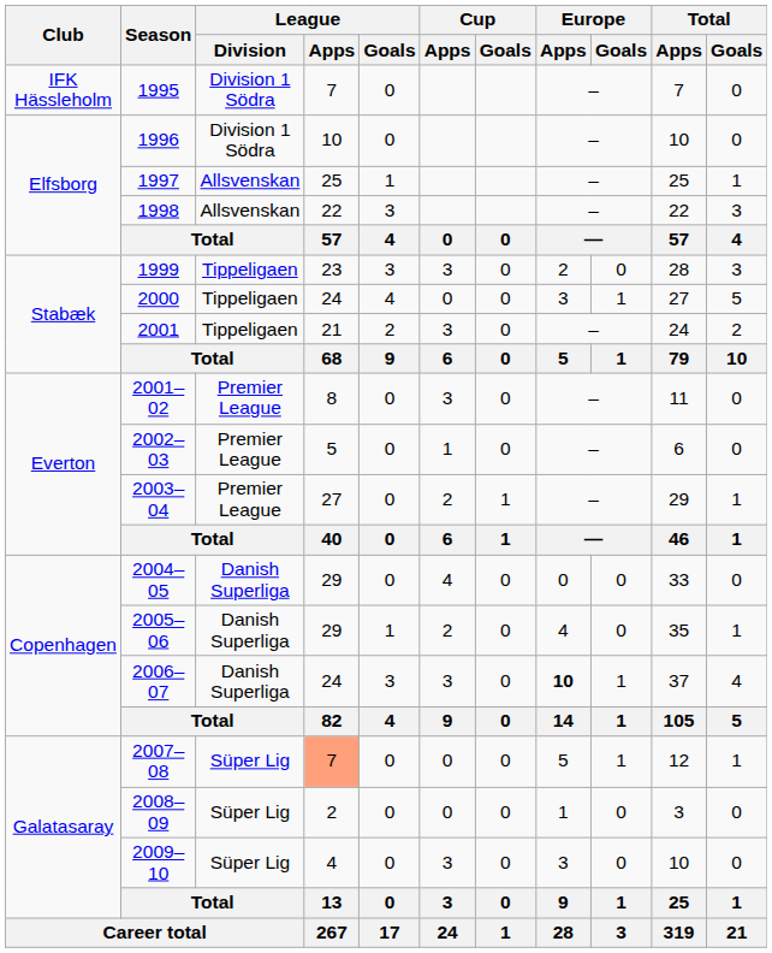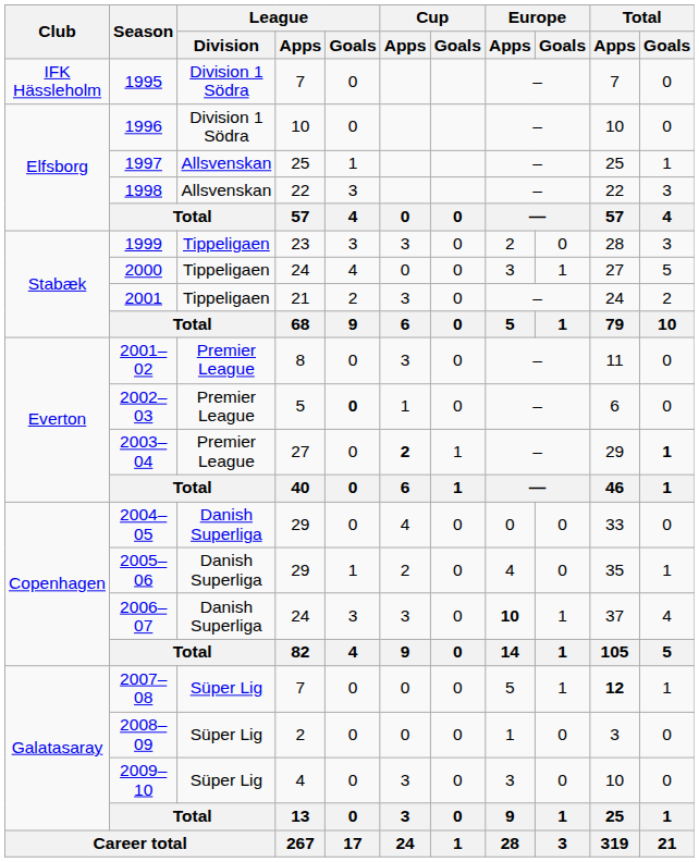 <table class="wikitable" style="text-align:center">
 <tr>
 <th rowspan="2">Club</th>
 <th rowspan="2">Season</th>
 <th colspan="3">League</th>
 <th colspan="2">Cup</th>
 <th colspan="2">Europe</th>
 <th colspan="2">Total</th>
 </tr>
 <tr>
 <th>Division</th>
 <th>Apps</th>
 <th>Goals</th>
 <th>Apps</th>
 <th>Goals</th>
 <th>Apps</th>
 <th>Goals</th>
 <th>Apps</th>
 <th>Goals</th>
 </tr>
 <tr>
 <td><a href='#'>IFK Hässleholm</a></td>
 <td><a href='#'>1995</a></td>
 <td><a href='#'>Division 1 Södra</a></td>
 <td>7</td>
 <td>0</td>
 <td></td>
 <td></td>
 <td colspan="2">–</td>
 <td>7</td>
 <td>0</td>
 </tr>
 <tr>
 <td rowspan="4"><a href='#'>Elfsborg</a></td>
 <td><a href='#'>1996</a></td>
 <td>Division 1 Södra</td>
 <td>10</td>
 <td>0</td>
 <td></td>
 <td></td>
 <td colspan="2">–</td>
 <td>10</td>
 <td>0</td>
 </tr>
 <tr>
 <td><a href='#'>1997</a></td>
 <td><a href='#'>Allsvenskan</a></td>
 <td>25</td>
 <td>1</td>
 <td></td>
 <td></td>
 <td colspan="2">–</td>
 <td>25</td>
 <td>1</td>
 </tr>
 <tr>
 <td><a href='#'>1998</a></td>
 <td>Allsvenskan</td>
 <td>22</td>
 <td>3</td>
 <td></td>
 <td></td>
 <td colspan="2">–</td>
 <td>22</td>
 <td>3</td>
 </tr>
 <tr>
 <th colspan="2">Total</th>
 <th>57</th>
 <th>4</th>
 <th>0</th>
 <th>0</th>
 <th colspan="2">—</th>
 <th>57</th>
 <th>4</th>
 </tr>
 <tr>
 <td rowspan="4"><a href='#'>Stabæk</a></td>
 <td><a href='#'>1999</a></td>
 <td><a href='#'>Tippeligaen</a></td>
 <td>23</td>
 <td>3</td>
 <td>3</td>
 <td>0</td>
 <td>2</td>
 <td>0</td>
 <td>28</td>
 <td>3</td>
 </tr>
 <tr>
 <td><a href='#'>2000</a></td>
 <td>Tippeligaen</td>
 <td>24</td>
 <td>4</td>
 <td>0</td>
 <td>0</td>
 <td>3</td>
 <td>1</td>
 <td>27</td>
 <td>5</td>
 </tr>
 <tr>
 <td><a href='#'>2001</a></td>
 <td>Tippeligaen</td>
 <td>21</td>
 <td>2</td>
 <td>3</td>
 <td>0</td>
 <td colspan="2">–</td>
 <td>24</td>
 <td>2</td>
 </tr>
 <tr>
 <th colspan="2">Total</th>
 <th>68</th>
 <th>9</th>
 <th>6</th>
 <th>0</th>
 <th>5</th>
 <th>1</th>
 <th>79</th>
 <th>10</th>
 </tr>
 <tr>
 <td rowspan="4"><a href='#'>Everton</a></td>
 <td><a href='#'>2001–02</a></td>
 <td><a href='#'>Premier League</a></td>
 <td>8</td>
 <td>0</td>
 <td>3</td>
 <td>0</td>
 <td colspan="2">–</td>
 <td>11</td>
 <td>0</td>
 </tr>
 <tr>
 <td><a href='#'>2002–03</a></td>
 <td>Premier League</td>
 <td>5</td>
-<td>0</td>
+<td><strong>0</strong></td>
 <td>1</td>
 <td>0</td>
 <td colspan="2">–</td>
 <td>6</td>
 <td>0</td>
 </tr>
 <tr>
 <td><a href='#'>2003–04</a></td>
 <td>Premier League</td>
 <td>27</td>
 <td>0</td>
-<td>2</td>
+<td><strong>2</strong></td>
 <td>1</td>
 <td colspan="2">–</td>
 <td>29</td>
-<td>1</td>
+<td><strong>1</strong></td>
 </tr>
 <tr>
 <th colspan="2">Total</th>
 <th>40</th>
 <th>0</th>
 <th>6</th>
 <th>1</th>
 <th colspan="2">—</th>
 <th>46</th>
 <th>1</th>
 </tr>
 <tr>
 <td rowspan="4"><a href='#'>Copenhagen</a></td>
 <td><a href='#'>2004–05</a></td>
 <td><a href='#'>Danish Superliga</a></td>
 <td>29</td>
 <td>0</td>
 <td>4</td>
 <td>0</td>
 <td>0</td>
 <td>0</td>
 <td>33</td>
 <td>0</td>
 </tr>
 <tr>
 <td><a href='#'>2005–06</a></td>
 <td>Danish Superliga</td>
 <td>29</td>
 <td>1</td>
 <td>2</td>
 <td>0</td>
 <td>4</td>
 <td>0</td>
 <td>35</td>
 <td>1</td>
 </tr>
 <tr>
 <td><a href='#'>2006–07</a></td>
 <td>Danish Superliga</td>
 <td>24</td>
 <td>3</td>
 <td>3</td>
 <td>0</td>
 <td><strong>10</strong></td>
 <td>1</td>
 <td>37</td>
 <td>4</td>
 </tr>
 <tr>
 <th colspan="2">Total</th>
 <th>82</th>
 <th>4</th>
 <th>9</th>
 <th>0</th>
 <th>14</th>
 <th>1</th>
 <th>105</th>
 <th>5</th>
 </tr>
 <tr>
 <td rowspan="4"><a href='#'>Galatasaray</a></td>
 <td><a href='#'>2007–08</a></td>
 <td><a href='#'>Süper Lig</a></td>
-<td style="background: lightsalmon;">7</td>
+<td>7</td>
 <td>0</td>
 <td>0</td>
 <td>0</td>
 <td>5</td>
 <td>1</td>
-<td>12</td>
+<td><strong>12</strong></td>
 <td>1</td>
 </tr>
 <tr>
 <td><a href='#'>2008–09</a></td>
 <td>Süper Lig</td>
 <td>2</td>
 <td>0</td>
 <td>0</td>
 <td>0</td>
 <td>1</td>
 <td>0</td>
 <td>3</td>
 <td>0</td>
 </tr>
 <tr>
 <td><a href='#'>2009–10</a></td>
 <td>Süper Lig</td>
 <td>4</td>
 <td>0</td>
 <td>3</td>
 <td>0</td>
 <td>3</td>
 <td>0</td>
 <td>10</td>
 <td>0</td>
 </tr>
 <tr>
 <th colspan="2">Total</th>
 <th>13</th>
 <th>0</th>
 <th>3</th>
 <th>0</th>
 <th>9</th>
 <th>1</th>
 <th>25</th>
 <th>1</th>
 </tr>
 <tr>
 <th colspan="3">Career total</th>
 <th>267</th>
 <th>17</th>
 <th>24</th>
 <th>1</th>
 <th>28</th>
 <th>3</th>
 <th>319</th>
 <th>21</th>
 </tr>
 </table>
